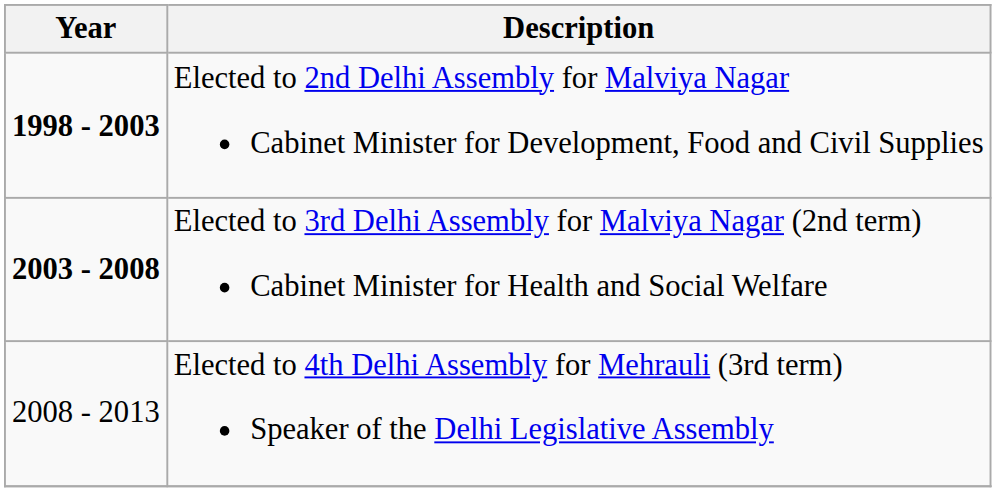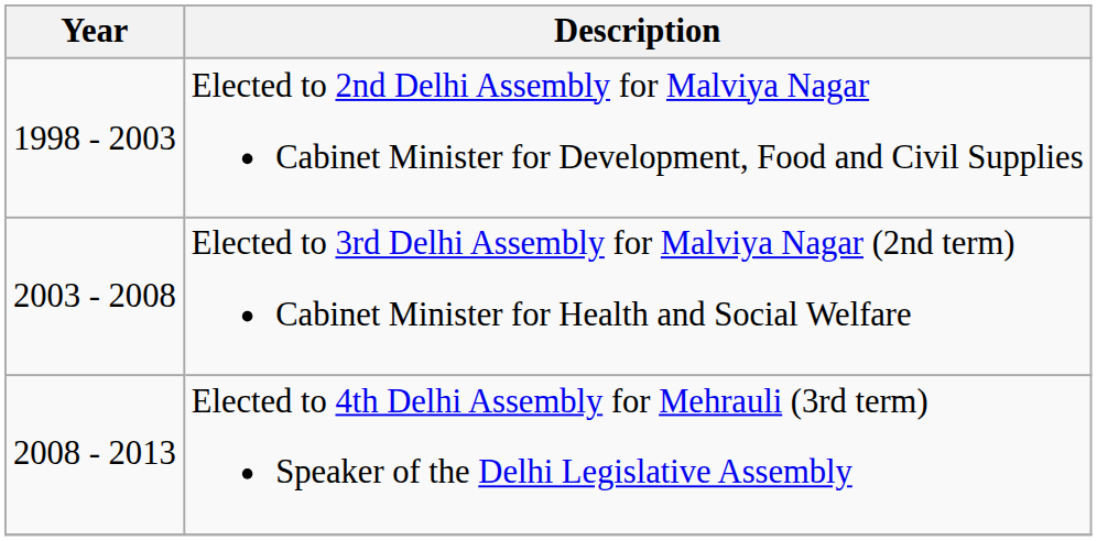 <table class="wikitable">
 <tr>
 <th>Year</th>
 <th>Description</th>
 </tr>
 <tr>
-<td><strong>1998 - 2003</strong></td>
+<td>1998 - 2003</td>
 <td>Elected to <a href='#'>2nd Delhi Assembly</a> for <a href='#'>Malviya Nagar</a><br><ul><li>Cabinet Minister for Development, Food and Civil Supplies</li></ul></td>
 </tr>
 <tr>
-<td><strong>2003 - 2008</strong></td>
+<td>2003 - 2008</td>
 <td>Elected to <a href='#'>3rd Delhi Assembly</a> for <a href='#'>Malviya Nagar</a> (2nd term)<br><ul><li>Cabinet Minister for Health and Social Welfare</li></ul></td>
 </tr>
 <tr>
 <td>2008 - 2013</td>
 <td>Elected to <a href='#'>4th Delhi Assembly</a> for <a href='#'>Mehrauli</a> (3rd term)<br><ul><li>Speaker of the <a href='#'>Delhi Legislative Assembly</a></li></ul></td>
 </tr>
 <tr>
 </tr>
 </table>
